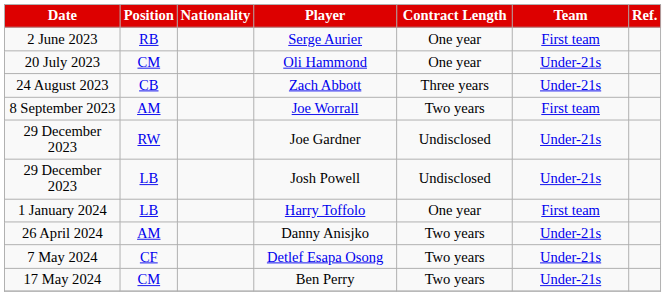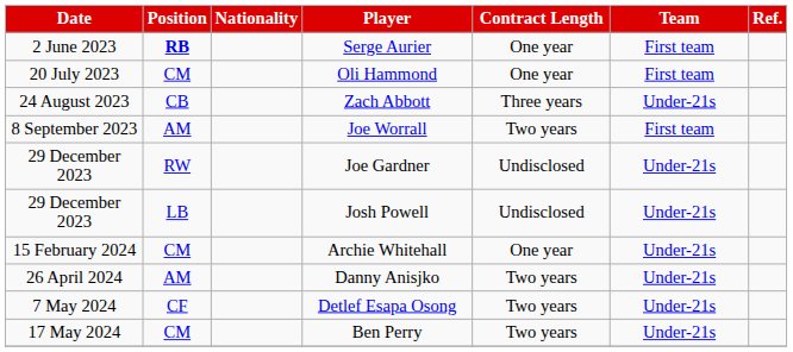 <table class="wikitable" style="text-align:center;">
 <tr>
 <th style="background:#DD0000; color:#FFFFFF; width:120px;">Date</th>
 <th style="background:#DD0000; color:#FFFFFF; width:25px;">Position</th>
 <th style="background:#DD0000; color:#FFFFFF; width:50px;">Nationality</th>
 <th style="background:#DD0000; color:#FFFFFF; width:150px;">Player</th>
 <th style="background:#DD0000; color:#FFFFFF; width:120px;">Contract Length</th>
 <th style="background:#DD0000; color:#FFFFFF; width:120px;">Team</th>
 <th style="background:#DD0000; color:#FFFFFF; width:25px;">Ref.</th>
 </tr>
 <tr>
 <td>2 June 2023</td>
-<td><a href='#'>RB</a></td>
+<td><strong><a href='#'>RB</a></strong></td>
 <td></td>
 <td><a href='#'>Serge Aurier</a></td>
 <td>One year</td>
 <td><a href='#'>First team</a></td>
 <td></td>
 </tr>
 <tr>
 <td>20 July 2023</td>
 <td><a href='#'>CM</a></td>
 <td></td>
 <td><a href='#'>Oli Hammond</a></td>
 <td>One year</td>
-<td><a href='#'>Under-21s</a></td>
+<td><a href='#'>First team</a></td>
 <td></td>
 </tr>
 <tr>
 <td>24 August 2023</td>
 <td><a href='#'>CB</a></td>
 <td></td>
 <td><a href='#'>Zach Abbott</a></td>
 <td>Three years</td>
 <td><a href='#'>Under-21s</a></td>
 <td></td>
 </tr>
 <tr>
 <td>8 September 2023</td>
 <td><a href='#'>AM</a></td>
 <td></td>
 <td><a href='#'>Joe Worrall</a></td>
 <td>Two years</td>
 <td><a href='#'>First team</a></td>
 <td></td>
 </tr>
 <tr>
 <td>29 December 2023</td>
 <td><a href='#'>RW</a></td>
 <td></td>
 <td>Joe Gardner</td>
 <td>Undisclosed</td>
 <td><a href='#'>Under-21s</a></td>
 <td></td>
 </tr>
 <tr>
 <td>29 December 2023</td>
 <td><a href='#'>LB</a></td>
 <td></td>
 <td>Josh Powell</td>
 <td>Undisclosed</td>
 <td><a href='#'>Under-21s</a></td>
 <td></td>
 </tr>
 <tr>
-<td>1 January 2024</td>
-<td><a href='#'>LB</a></td>
+<td>15 February 2024</td>
+<td><a href='#'>CM</a></td>
 <td></td>
-<td><a href='#'>Harry Toffolo</a></td>
+<td>Archie Whitehall</td>
 <td>One year</td>
-<td><a href='#'>First team</a></td>
+<td><a href='#'>Under-21s</a></td>
 <td></td>
 </tr>
 <tr>
 <td>26 April 2024</td>
 <td><a href='#'>AM</a></td>
 <td></td>
 <td>Danny Anisjko</td>
 <td>Two years</td>
 <td><a href='#'>Under-21s</a></td>
 <td></td>
 </tr>
 <tr>
 <td>7 May 2024</td>
 <td><a href='#'>CF</a></td>
 <td></td>
 <td><a href='#'>Detlef Esapa Osong</a></td>
 <td>Two years</td>
 <td><a href='#'>Under-21s</a></td>
 <td></td>
 </tr>
 <tr>
 <td>17 May 2024</td>
 <td><a href='#'>CM</a></td>
 <td></td>
 <td>Ben Perry</td>
 <td>Two years</td>
 <td><a href='#'>Under-21s</a></td>
 <td></td>
 </tr>
 <tr>
 </tr>
 </table>
